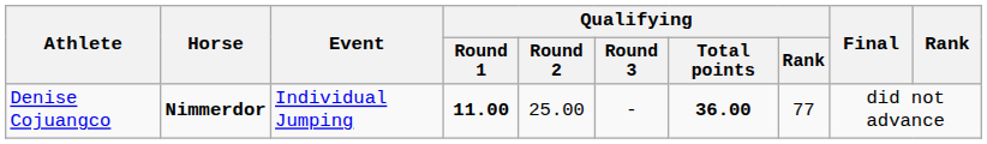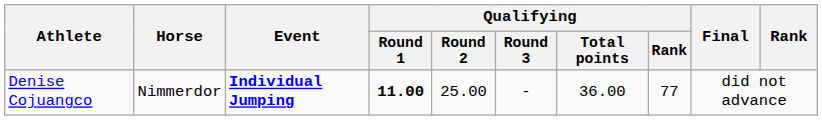 <table class=wikitable style="font-size:90%">
 <tr>
 <th rowspan=2>Athlete</th>
 <th rowspan=2>Horse</th>
 <th rowspan=2>Event</th>
 <th colspan=5>Qualifying</th>
 <th rowspan=2>Final</th>
 <th rowspan=2>Rank</th>
 </tr>
 <tr style="font-size:95%">
 <th>Round 1</th>
 <th>Round 2</th>
 <th>Round 3</th>
 <th>Total points</th>
 <th>Rank</th>
 </tr>
 <tr align=center>
 <td align=left><a href='#'>Denise Cojuangco</a></td>
-<td align=left><strong>Nimmerdor</strong></td>
-<td align=left><a href='#'>Individual Jumping</a></td>
+<td align=left>Nimmerdor</td>
+<td align=left><strong><a href='#'>Individual Jumping</a></strong></td>
 <td><strong>11.00</strong></td>
 <td>25.00</td>
 <td>-</td>
-<td><strong>36.00</strong></td>
+<td>36.00</td>
 <td>77</td>
 <td colspan=2>did not advance</td>
 </tr>
 </table>
